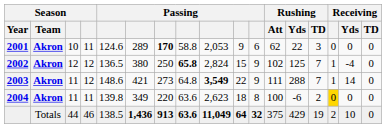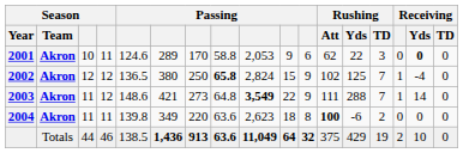 <table class="wikitable" style="text-align:center">
 <tr>
 <th colspan="4">Season</th>
 <th colspan="7">Passing</th>
 <th colspan="3">Rushing</th>
 <th colspan="3">Receiving</th>
 </tr>
 <tr style="background:#e0e0e0;">
 <th>Year</th>
 <th>Team</th>
 <th></th>
 <th></th>
 <th></th>
 <th></th>
 <th></th>
 <th></th>
 <th></th>
 <th></th>
 <th></th>
 <th>Att</th>
 <th>Yds</th>
 <th>TD</th>
 <th></th>
 <th>Yds</th>
 <th>TD</th>
 </tr>
 <tr>
 <th><a href='#'>2001</a></th>
 <th><a href='#'>Akron</a></th>
 <td>10</td>
 <td>11</td>
 <td>124.6</td>
 <td>289</td>
-<td><strong>170</strong></td>
+<td>170</td>
 <td>58.8</td>
 <td>2,053</td>
 <td>9</td>
 <td>6</td>
 <td>62</td>
 <td>22</td>
 <td>3</td>
 <td>0</td>
-<td>0</td>
+<td><strong>0</strong></td>
 <td>0</td>
 </tr>
 <tr>
 <th><a href='#'>2002</a></th>
 <th><a href='#'>Akron</a></th>
 <td>12</td>
 <td>12</td>
 <td>136.5</td>
 <td>380</td>
 <td>250</td>
 <td><strong>65.8</strong></td>
 <td>2,824</td>
 <td>15</td>
 <td>9</td>
 <td>102</td>
 <td>125</td>
 <td>7</td>
 <td>1</td>
 <td>-4</td>
 <td>0</td>
 </tr>
 <tr>
 <th><a href='#'>2003</a></th>
 <th><a href='#'>Akron</a></th>
 <td>11</td>
 <td>12</td>
 <td>148.6</td>
 <td>421</td>
 <td>273</td>
 <td>64.8</td>
 <td><strong>3,549</strong></td>
 <td>22</td>
 <td>9</td>
 <td>111</td>
 <td>288</td>
 <td>7</td>
 <td>1</td>
 <td>14</td>
 <td>0</td>
 </tr>
 <tr>
 <th><a href='#'>2004</a></th>
 <th><a href='#'>Akron</a></th>
 <td>11</td>
 <td>11</td>
 <td>139.8</td>
 <td>349</td>
 <td>220</td>
 <td>63.6</td>
 <td>2,623</td>
 <td>18</td>
 <td>8</td>
-<td>100</td>
+<td><strong>100</strong></td>
 <td>-6</td>
 <td>2</td>
-<td style="background: gold;">0</td>
+<td>0</td>
 <td>0</td>
 <td>0</td>
 </tr>
 <tr style="background:#f0f0f0;">
 <td></td>
 <td>Totals</td>
 <td>44</td>
 <td>46</td>
 <td>138.5</td>
 <td><strong>1,436</strong></td>
 <td><strong>913</strong></td>
 <td><strong>63.6</strong></td>
 <td><strong>11,049</strong></td>
 <td><strong>64</strong></td>
 <td><strong>32</strong></td>
 <td>375</td>
 <td>429</td>
 <td>19</td>
 <td>2</td>
 <td>10</td>
 <td>0</td>
 </tr>
 </table>
